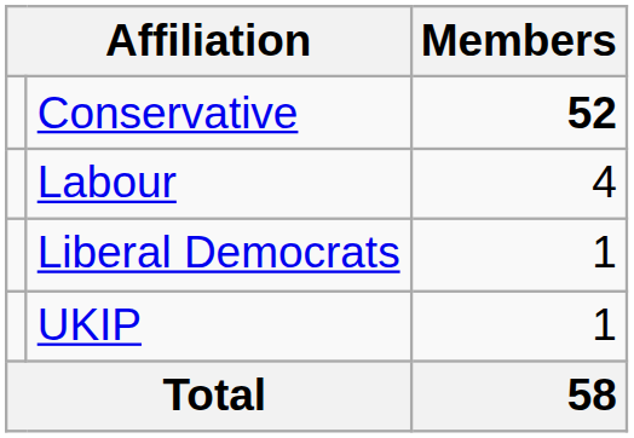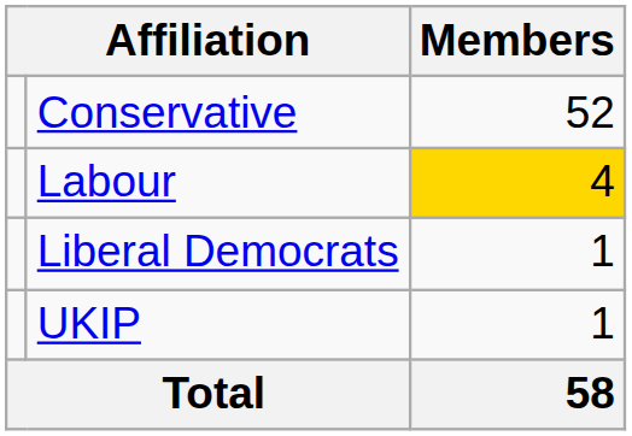 <table class="wikitable">
 <tr>
 <th colspan="2">Affiliation</th>
 <th>Members</th>
 </tr>
 <tr>
 <td style="color:inherit;background:"></td>
 <td><a href='#'>Conservative</a></td>
-<td style="text-align:right;"><strong>52</strong></td>
+<td style="text-align:right;">52</td>
 </tr>
 <tr>
 <td style="color:inherit;background:"></td>
 <td><a href='#'>Labour</a></td>
-<td style="text-align:right;">4</td>
+<td style="background: gold; text-align:right;">4</td>
 </tr>
 <tr>
 <td style="color:inherit;background:"></td>
 <td><a href='#'>Liberal Democrats</a></td>
 <td style="text-align:right;">1</td>
 </tr>
 <tr>
 <td style="color:inherit;background:"></td>
 <td><a href='#'>UKIP</a></td>
 <td style="text-align:right;">1</td>
 </tr>
 <tr>
 <th colspan="2"> Total</th>
 <th style="text-align:right;">58</th>
 </tr>
 </table>
